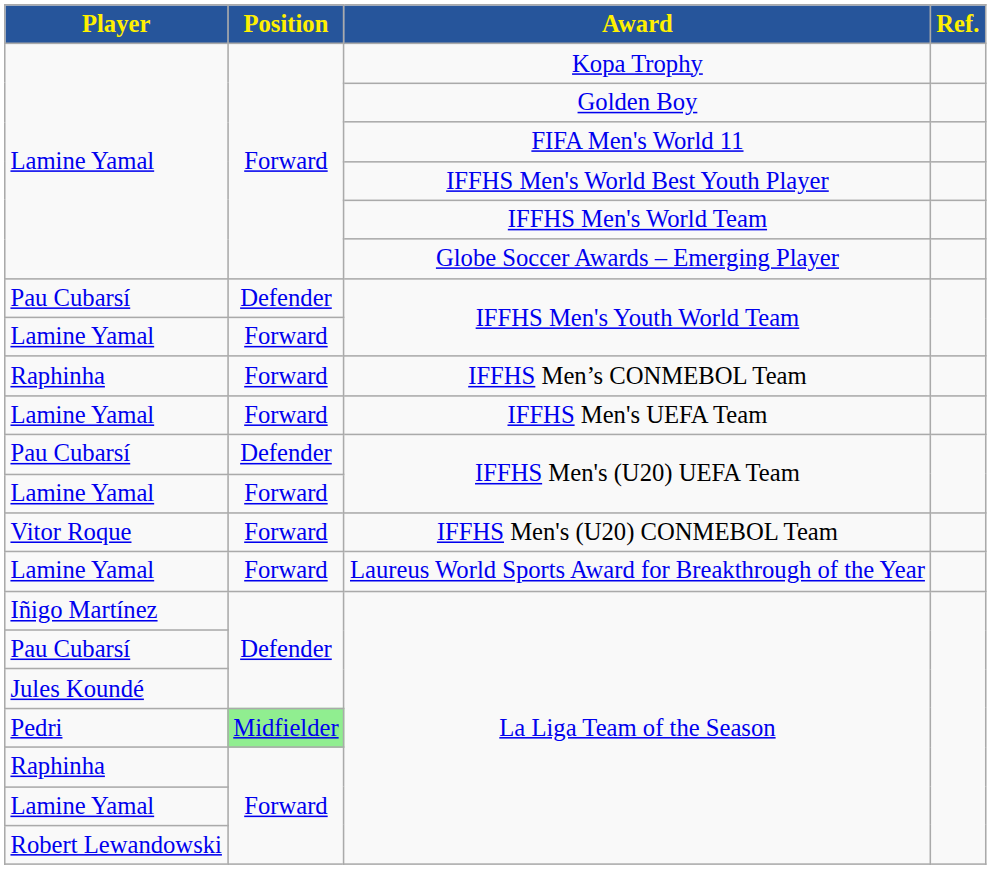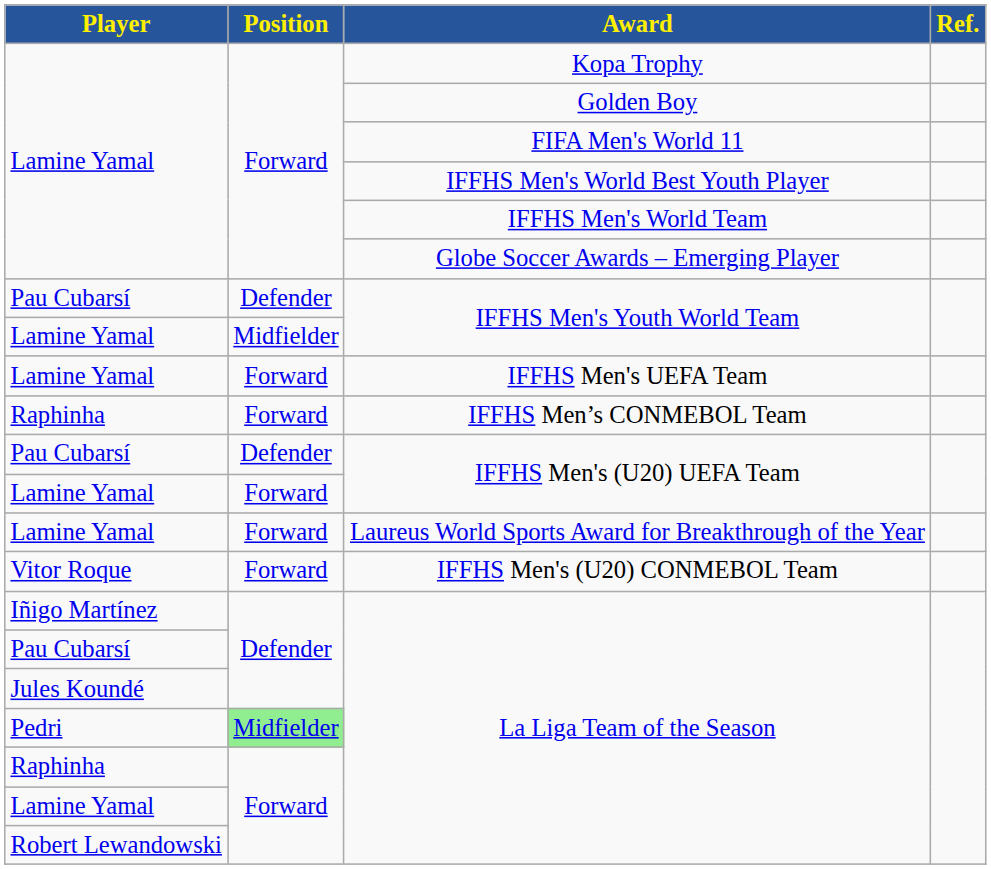 <table class="wikitable">
 <tr>
 <th style="background:#26559B;color:#FFF000;">Player</th>
 <th style="background:#26559B;color:#FFF000;">Position</th>
 <th style="background:#26559B;color:#FFF000;">Award</th>
 <th style="background:#26559B;color:#FFF000;">Ref.</th>
 </tr>
 <tr>
 <td rowspan="6"> <a href='#'>Lamine Yamal</a></td>
 <td style="text-align:center" rowspan="6"><a href='#'>Forward</a></td>
 <td style="text-align:center"><a href='#'>Kopa Trophy</a></td>
 <td style="text-align:center"></td>
 </tr>
 <tr>
 <td style="text-align:center"><a href='#'>Golden Boy</a></td>
 <td style="text-align:center"></td>
 </tr>
 <tr>
 <td style="text-align:center"><a href='#'>FIFA Men's World 11</a></td>
 <td style="text-align:center"></td>
 </tr>
 <tr>
 <td style="text-align:center"><a href='#'>IFFHS Men's World Best Youth Player</a></td>
 <td style="text-align:center"></td>
 </tr>
 <tr>
 <td style="text-align:center"><a href='#'>IFFHS Men's World Team</a></td>
 <td style="text-align:center"></td>
 </tr>
 <tr>
 <td style="text-align:center"><a href='#'>Globe Soccer Awards – Emerging Player</a></td>
 <td style="text-align:center"></td>
 </tr>
 <tr>
 <td> <a href='#'>Pau Cubarsí</a></td>
 <td style="text-align:center"><a href='#'>Defender</a></td>
 <td rowspan="2" style="text-align:center"><a href='#'>IFFHS Men's Youth World Team</a></td>
 <td rowspan="2" style="text-align:center"></td>
 </tr>
 <tr>
 <td> <a href='#'>Lamine Yamal</a></td>
+<td style="text-align:center"><a href='#'>Midfielder</a></td>
+</tr>
+<tr>
+<td> <a href='#'>Lamine Yamal</a></td>
 <td style="text-align:center"><a href='#'>Forward</a></td>
+<td style="text-align:center"><a href='#'>IFFHS</a> Men's UEFA Team</td>
+<td style="text-align:center"></td>
 </tr>
 <tr>
 <td> <a href='#'>Raphinha</a></td>
 <td style="text-align:center"><a href='#'>Forward</a></td>
 <td style="text-align:center"><a href='#'>IFFHS</a> Men’s CONMEBOL Team</td>
-<td style="text-align:center"></td>
-</tr>
-<tr>
-<td> <a href='#'>Lamine Yamal</a></td>
-<td style="text-align:center"><a href='#'>Forward</a></td>
-<td style="text-align:center"><a href='#'>IFFHS</a> Men's UEFA Team</td>
 <td style="text-align:center"></td>
 </tr>
 <tr>
 <td> <a href='#'>Pau Cubarsí</a></td>
 <td style="text-align:center"><a href='#'>Defender</a></td>
 <td rowspan="2" style="text-align:center"><a href='#'>IFFHS</a> Men's (U20) UEFA Team</td>
 <td rowspan="2" style="text-align:center"></td>
 </tr>
 <tr>
 <td> <a href='#'>Lamine Yamal</a></td>
 <td style="text-align:center"><a href='#'>Forward</a></td>
 </tr>
 <tr>
+<td> <a href='#'>Lamine Yamal</a></td>
+<td style="text-align:center"><a href='#'>Forward</a></td>
+<td style="text-align:center"><a href='#'>Laureus World Sports Award for Breakthrough of the Year</a></td>
+<td style="text-align:center"></td>
+</tr>
+<tr>
 <td> <a href='#'>Vitor Roque</a></td>
 <td style="text-align:center"><a href='#'>Forward</a></td>
 <td style="text-align:center"><a href='#'>IFFHS</a> Men's (U20) CONMEBOL Team</td>
-<td style="text-align:center"></td>
-</tr>
-<tr>
-<td> <a href='#'>Lamine Yamal</a></td>
-<td style="text-align:center"><a href='#'>Forward</a></td>
-<td style="text-align:center"><a href='#'>Laureus World Sports Award for Breakthrough of the Year</a></td>
 <td style="text-align:center"></td>
 </tr>
 <tr>
 <td> <a href='#'>Iñigo Martínez</a></td>
 <td rowspan="3" style="text-align:center"><a href='#'>Defender</a></td>
 <td rowspan="7" style="text-align:center"><a href='#'>La Liga Team of the Season</a></td>
 <td rowspan="7" style="text-align:center"></td>
 </tr>
 <tr>
 <td> <a href='#'>Pau Cubarsí</a></td>
 </tr>
 <tr>
 <td> <a href='#'>Jules Koundé</a></td>
 </tr>
 <tr>
 <td> <a href='#'>Pedri</a></td>
 <td style="background: lightgreen; text-align:center"><a href='#'>Midfielder</a></td>
 </tr>
 <tr>
 <td> <a href='#'>Raphinha</a></td>
 <td rowspan="3" style="text-align:center"><a href='#'>Forward</a></td>
 </tr>
 <tr>
 <td> <a href='#'>Lamine Yamal</a></td>
 </tr>
 <tr>
 <td> <a href='#'>Robert Lewandowski</a></td>
 </tr>
 </table>
